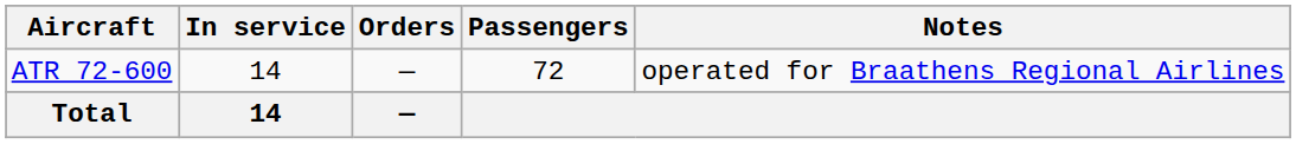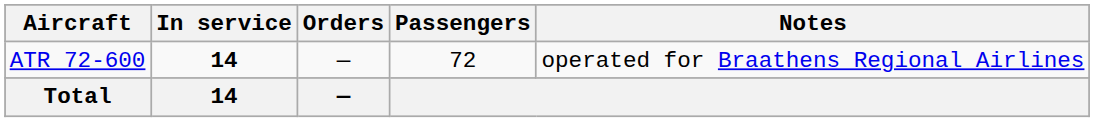 <table class="wikitable" style="margin:1em auto; border-collapse:collapse text-align:center">
 <tr>
 <th>Aircraft</th>
 <th>In service</th>
 <th>Orders</th>
 <th>Passengers</th>
 <th>Notes</th>
 </tr>
 <tr>
 <td><a href='#'>ATR 72-600</a></td>
-<td align=center>14</td>
+<td align=center><strong>14</strong></td>
 <td align=center>—</td>
 <td align=center>72</td>
 <td>operated for <a href='#'>Braathens Regional Airlines</a></td>
 </tr>
 <tr>
 <th>Total</th>
 <th>14</th>
 <th>—</th>
 <th colspan="2"></th>
 </tr>
 </table>
